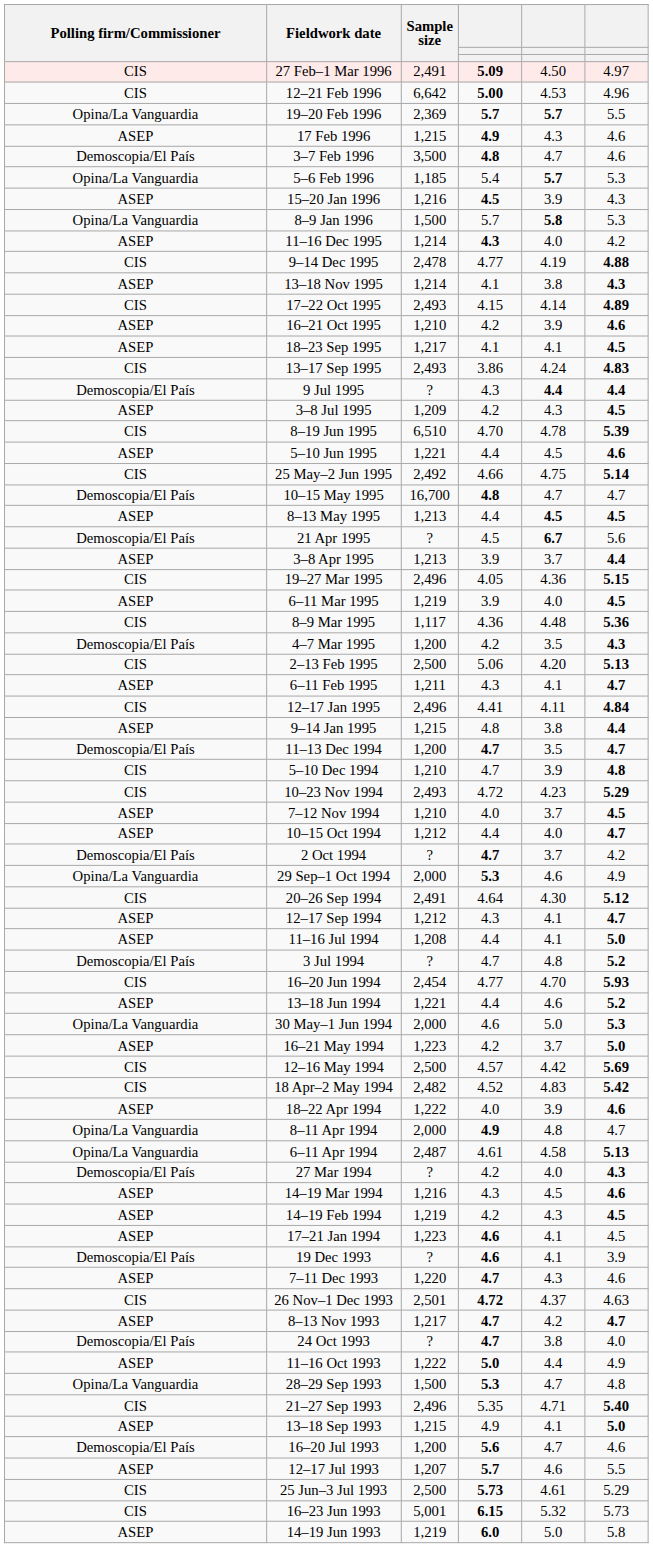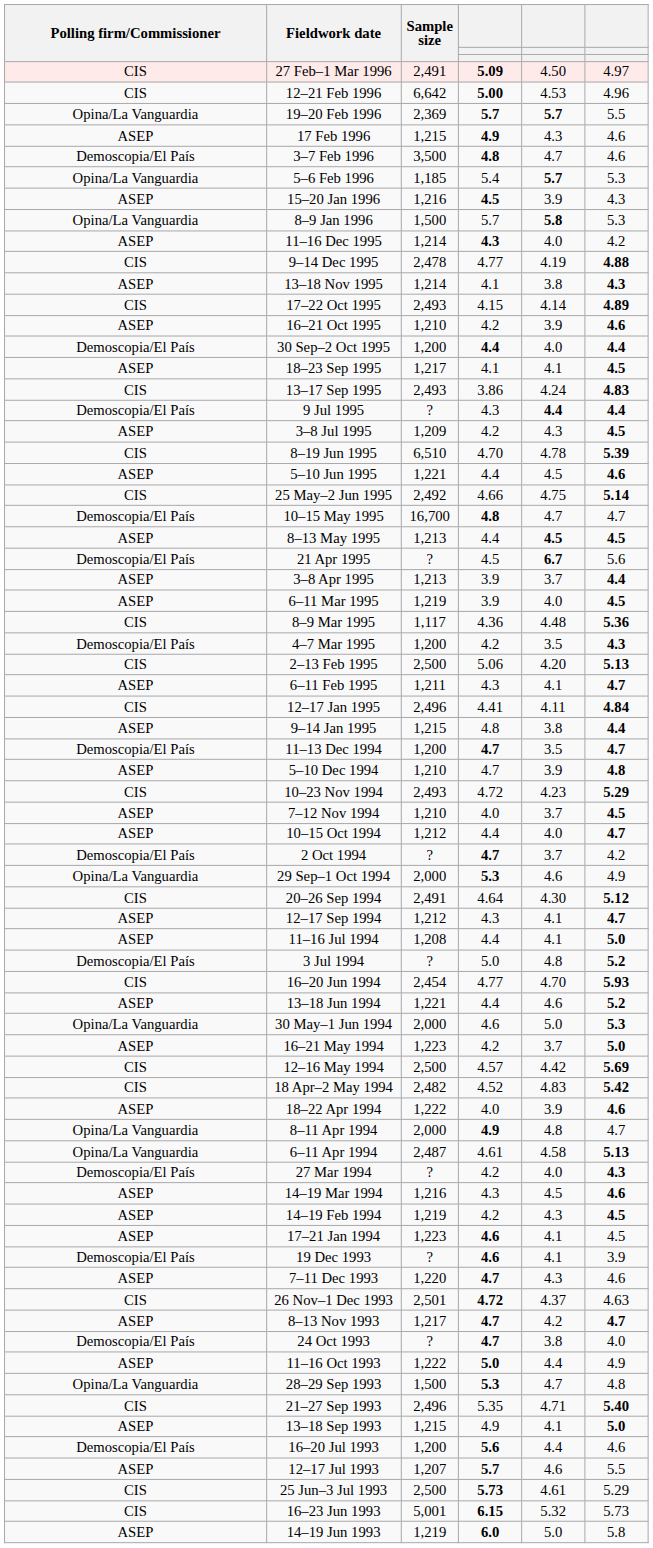 <table class="wikitable collapsible collapsed" style="text-align:center; font-size:90%; line-height:14px;">
 <tr style="height:42px;">
 <th style="width:250px;" rowspan="3">Polling firm/Commissioner</th>
 <th style="width:125px;" rowspan="3">Fieldwork date</th>
 <th style="width:50px;" rowspan="3">Sample size</th>
 <th style="width:55px;"></th>
 <th style="width:55px;"></th>
 <th style="width:55px;"></th>
 </tr>
 <tr>
 <th style="color:inherit;background:"></th>
 <th style="color:inherit;background:"></th>
 <th style="color:inherit;background:"></th>
 </tr>
 <tr>
 <th></th>
 <th></th>
 <th></th>
 </tr>
 <tr style="background:#FFEAEA;">
 <td>CIS</td>
 <td>27 Feb–1 Mar 1996</td>
 <td>2,491</td>
 <td><strong>5.09</strong></td>
 <td>4.50</td>
 <td>4.97</td>
 </tr>
 <tr>
 <td>CIS</td>
 <td>12–21 Feb 1996</td>
 <td>6,642</td>
 <td><strong>5.00</strong></td>
 <td>4.53</td>
 <td>4.96</td>
 </tr>
 <tr>
 <td>Opina/La Vanguardia</td>
 <td>19–20 Feb 1996</td>
 <td>2,369</td>
 <td><strong>5.7</strong></td>
 <td><strong>5.7</strong></td>
 <td>5.5</td>
 </tr>
 <tr>
 <td>ASEP</td>
 <td>17 Feb 1996</td>
 <td>1,215</td>
 <td><strong>4.9</strong></td>
 <td>4.3</td>
 <td>4.6</td>
 </tr>
 <tr>
 <td>Demoscopia/El País</td>
 <td>3–7 Feb 1996</td>
 <td>3,500</td>
 <td><strong>4.8</strong></td>
 <td>4.7</td>
 <td>4.6</td>
 </tr>
 <tr>
 <td>Opina/La Vanguardia</td>
 <td>5–6 Feb 1996</td>
 <td>1,185</td>
 <td>5.4</td>
 <td><strong>5.7</strong></td>
 <td>5.3</td>
 </tr>
 <tr>
 <td>ASEP</td>
 <td>15–20 Jan 1996</td>
 <td>1,216</td>
 <td><strong>4.5</strong></td>
 <td>3.9</td>
 <td>4.3</td>
 </tr>
 <tr>
 <td>Opina/La Vanguardia</td>
 <td>8–9 Jan 1996</td>
 <td>1,500</td>
 <td>5.7</td>
 <td><strong>5.8</strong></td>
 <td>5.3</td>
 </tr>
 <tr>
 <td>ASEP</td>
 <td>11–16 Dec 1995</td>
 <td>1,214</td>
 <td><strong>4.3</strong></td>
 <td>4.0</td>
 <td>4.2</td>
 </tr>
 <tr>
 <td>CIS</td>
 <td>9–14 Dec 1995</td>
 <td>2,478</td>
 <td>4.77</td>
 <td>4.19</td>
 <td><strong>4.88</strong></td>
 </tr>
 <tr>
 <td>ASEP</td>
 <td>13–18 Nov 1995</td>
 <td>1,214</td>
 <td>4.1</td>
 <td>3.8</td>
 <td><strong>4.3</strong></td>
 </tr>
 <tr>
 <td>CIS</td>
 <td>17–22 Oct 1995</td>
 <td>2,493</td>
 <td>4.15</td>
 <td>4.14</td>
 <td><strong>4.89</strong></td>
 </tr>
 <tr>
 <td>ASEP</td>
 <td>16–21 Oct 1995</td>
 <td>1,210</td>
 <td>4.2</td>
 <td>3.9</td>
 <td><strong>4.6</strong></td>
 </tr>
 <tr>
+<td>Demoscopia/El País</td>
+<td>30 Sep–2 Oct 1995</td>
+<td>1,200</td>
+<td><strong>4.4</strong></td>
+<td>4.0</td>
+<td><strong>4.4</strong></td>
+</tr>
+<tr>
 <td>ASEP</td>
 <td>18–23 Sep 1995</td>
 <td>1,217</td>
 <td>4.1</td>
 <td>4.1</td>
 <td><strong>4.5</strong></td>
 </tr>
 <tr>
 <td>CIS</td>
 <td>13–17 Sep 1995</td>
 <td>2,493</td>
 <td>3.86</td>
 <td>4.24</td>
 <td><strong>4.83</strong></td>
 </tr>
 <tr>
 <td>Demoscopia/El País</td>
 <td>9 Jul 1995</td>
 <td>?</td>
 <td>4.3</td>
 <td><strong>4.4</strong></td>
 <td><strong>4.4</strong></td>
 </tr>
 <tr>
 <td>ASEP</td>
 <td>3–8 Jul 1995</td>
 <td>1,209</td>
 <td>4.2</td>
 <td>4.3</td>
 <td><strong>4.5</strong></td>
 </tr>
 <tr>
 <td>CIS</td>
 <td>8–19 Jun 1995</td>
 <td>6,510</td>
 <td>4.70</td>
 <td>4.78</td>
 <td><strong>5.39</strong></td>
 </tr>
 <tr>
 <td>ASEP</td>
 <td>5–10 Jun 1995</td>
 <td>1,221</td>
 <td>4.4</td>
 <td>4.5</td>
 <td><strong>4.6</strong></td>
 </tr>
 <tr>
 <td>CIS</td>
 <td>25 May–2 Jun 1995</td>
 <td>2,492</td>
 <td>4.66</td>
 <td>4.75</td>
 <td><strong>5.14</strong></td>
 </tr>
 <tr>
 <td>Demoscopia/El País</td>
 <td>10–15 May 1995</td>
 <td>16,700</td>
 <td><strong>4.8</strong></td>
 <td>4.7</td>
 <td>4.7</td>
 </tr>
 <tr>
 <td>ASEP</td>
 <td>8–13 May 1995</td>
 <td>1,213</td>
 <td>4.4</td>
 <td><strong>4.5</strong></td>
 <td><strong>4.5</strong></td>
 </tr>
 <tr>
 <td>Demoscopia/El País</td>
 <td>21 Apr 1995</td>
 <td>?</td>
 <td>4.5</td>
 <td><strong>6.7</strong></td>
 <td>5.6</td>
 </tr>
 <tr>
 <td>ASEP</td>
 <td>3–8 Apr 1995</td>
 <td>1,213</td>
 <td>3.9</td>
 <td>3.7</td>
 <td><strong>4.4</strong></td>
 </tr>
 <tr>
-<td>CIS</td>
-<td>19–27 Mar 1995</td>
-<td>2,496</td>
-<td>4.05</td>
-<td>4.36</td>
-<td><strong>5.15</strong></td>
-</tr>
-<tr>
 <td>ASEP</td>
 <td>6–11 Mar 1995</td>
 <td>1,219</td>
 <td>3.9</td>
 <td>4.0</td>
 <td><strong>4.5</strong></td>
 </tr>
 <tr>
 <td>CIS</td>
 <td>8–9 Mar 1995</td>
 <td>1,117</td>
 <td>4.36</td>
 <td>4.48</td>
 <td><strong>5.36</strong></td>
 </tr>
 <tr>
 <td>Demoscopia/El País</td>
 <td>4–7 Mar 1995</td>
 <td>1,200</td>
 <td>4.2</td>
 <td>3.5</td>
 <td><strong>4.3</strong></td>
 </tr>
 <tr>
 <td>CIS</td>
 <td>2–13 Feb 1995</td>
 <td>2,500</td>
 <td>5.06</td>
 <td>4.20</td>
 <td><strong>5.13</strong></td>
 </tr>
 <tr>
 <td>ASEP</td>
 <td>6–11 Feb 1995</td>
 <td>1,211</td>
 <td>4.3</td>
 <td>4.1</td>
 <td><strong>4.7</strong></td>
 </tr>
 <tr>
 <td>CIS</td>
 <td>12–17 Jan 1995</td>
 <td>2,496</td>
 <td>4.41</td>
 <td>4.11</td>
 <td><strong>4.84</strong></td>
 </tr>
 <tr>
 <td>ASEP</td>
 <td>9–14 Jan 1995</td>
 <td>1,215</td>
 <td>4.8</td>
 <td>3.8</td>
 <td><strong>4.4</strong></td>
 </tr>
 <tr>
 <td>Demoscopia/El País</td>
 <td>11–13 Dec 1994</td>
 <td>1,200</td>
 <td><strong>4.7</strong></td>
 <td>3.5</td>
 <td><strong>4.7</strong></td>
 </tr>
 <tr>
-<td>CIS</td>
+<td>ASEP</td>
 <td>5–10 Dec 1994</td>
 <td>1,210</td>
 <td>4.7</td>
 <td>3.9</td>
 <td><strong>4.8</strong></td>
 </tr>
 <tr>
 <td>CIS</td>
 <td>10–23 Nov 1994</td>
 <td>2,493</td>
 <td>4.72</td>
 <td>4.23</td>
 <td><strong>5.29</strong></td>
 </tr>
 <tr>
 <td>ASEP</td>
 <td>7–12 Nov 1994</td>
 <td>1,210</td>
 <td>4.0</td>
 <td>3.7</td>
 <td><strong>4.5</strong></td>
 </tr>
 <tr>
 <td>ASEP</td>
 <td>10–15 Oct 1994</td>
 <td>1,212</td>
 <td>4.4</td>
 <td>4.0</td>
 <td><strong>4.7</strong></td>
 </tr>
 <tr>
 <td>Demoscopia/El País</td>
 <td>2 Oct 1994</td>
 <td>?</td>
 <td><strong>4.7</strong></td>
 <td>3.7</td>
 <td>4.2</td>
 </tr>
 <tr>
 <td>Opina/La Vanguardia</td>
 <td>29 Sep–1 Oct 1994</td>
 <td>2,000</td>
 <td><strong>5.3</strong></td>
 <td>4.6</td>
 <td>4.9</td>
 </tr>
 <tr>
 <td>CIS</td>
 <td>20–26 Sep 1994</td>
 <td>2,491</td>
 <td>4.64</td>
 <td>4.30</td>
 <td><strong>5.12</strong></td>
 </tr>
 <tr>
 <td>ASEP</td>
 <td>12–17 Sep 1994</td>
 <td>1,212</td>
 <td>4.3</td>
 <td>4.1</td>
 <td><strong>4.7</strong></td>
 </tr>
 <tr>
 <td>ASEP</td>
 <td>11–16 Jul 1994</td>
 <td>1,208</td>
 <td>4.4</td>
 <td>4.1</td>
 <td><strong>5.0</strong></td>
 </tr>
 <tr>
 <td>Demoscopia/El País</td>
 <td>3 Jul 1994</td>
 <td>?</td>
-<td>4.7</td>
+<td>5.0</td>
 <td>4.8</td>
 <td><strong>5.2</strong></td>
 </tr>
 <tr>
 <td>CIS</td>
 <td>16–20 Jun 1994</td>
 <td>2,454</td>
 <td>4.77</td>
 <td>4.70</td>
 <td><strong>5.93</strong></td>
 </tr>
 <tr>
 <td>ASEP</td>
 <td>13–18 Jun 1994</td>
 <td>1,221</td>
 <td>4.4</td>
 <td>4.6</td>
 <td><strong>5.2</strong></td>
 </tr>
 <tr>
 <td>Opina/La Vanguardia</td>
 <td>30 May–1 Jun 1994</td>
 <td>2,000</td>
 <td>4.6</td>
 <td>5.0</td>
 <td><strong>5.3</strong></td>
 </tr>
 <tr>
 <td>ASEP</td>
 <td>16–21 May 1994</td>
 <td>1,223</td>
 <td>4.2</td>
 <td>3.7</td>
 <td><strong>5.0</strong></td>
 </tr>
 <tr>
 <td>CIS</td>
 <td>12–16 May 1994</td>
 <td>2,500</td>
 <td>4.57</td>
 <td>4.42</td>
 <td><strong>5.69</strong></td>
 </tr>
 <tr>
 <td>CIS</td>
 <td>18 Apr–2 May 1994</td>
 <td>2,482</td>
 <td>4.52</td>
 <td>4.83</td>
 <td><strong>5.42</strong></td>
 </tr>
 <tr>
 <td>ASEP</td>
 <td>18–22 Apr 1994</td>
 <td>1,222</td>
 <td>4.0</td>
 <td>3.9</td>
 <td><strong>4.6</strong></td>
 </tr>
 <tr>
 <td>Opina/La Vanguardia</td>
 <td>8–11 Apr 1994</td>
 <td>2,000</td>
 <td><strong>4.9</strong></td>
 <td>4.8</td>
 <td>4.7</td>
 </tr>
 <tr>
 <td>Opina/La Vanguardia</td>
 <td>6–11 Apr 1994</td>
 <td>2,487</td>
 <td>4.61</td>
 <td>4.58</td>
 <td><strong>5.13</strong></td>
 </tr>
 <tr>
 <td>Demoscopia/El País</td>
 <td>27 Mar 1994</td>
 <td>?</td>
 <td>4.2</td>
 <td>4.0</td>
 <td><strong>4.3</strong></td>
 </tr>
 <tr>
 <td>ASEP</td>
 <td>14–19 Mar 1994</td>
 <td>1,216</td>
 <td>4.3</td>
 <td>4.5</td>
 <td><strong>4.6</strong></td>
 </tr>
 <tr>
 <td>ASEP</td>
 <td>14–19 Feb 1994</td>
 <td>1,219</td>
 <td>4.2</td>
 <td>4.3</td>
 <td><strong>4.5</strong></td>
 </tr>
 <tr>
 <td>ASEP</td>
 <td>17–21 Jan 1994</td>
 <td>1,223</td>
 <td><strong>4.6</strong></td>
 <td>4.1</td>
 <td>4.5</td>
 </tr>
 <tr>
 <td>Demoscopia/El País</td>
 <td>19 Dec 1993</td>
 <td>?</td>
 <td><strong>4.6</strong></td>
 <td>4.1</td>
 <td>3.9</td>
 </tr>
 <tr>
 <td>ASEP</td>
 <td>7–11 Dec 1993</td>
 <td>1,220</td>
 <td><strong>4.7</strong></td>
 <td>4.3</td>
 <td>4.6</td>
 </tr>
 <tr>
 <td>CIS</td>
 <td>26 Nov–1 Dec 1993</td>
 <td>2,501</td>
 <td><strong>4.72</strong></td>
 <td>4.37</td>
 <td>4.63</td>
 </tr>
 <tr>
 <td>ASEP</td>
 <td>8–13 Nov 1993</td>
 <td>1,217</td>
 <td><strong>4.7</strong></td>
 <td>4.2</td>
 <td><strong>4.7</strong></td>
 </tr>
 <tr>
 <td>Demoscopia/El País</td>
 <td>24 Oct 1993</td>
 <td>?</td>
 <td><strong>4.7</strong></td>
 <td>3.8</td>
 <td>4.0</td>
 </tr>
 <tr>
 <td>ASEP</td>
 <td>11–16 Oct 1993</td>
 <td>1,222</td>
 <td><strong>5.0</strong></td>
 <td>4.4</td>
 <td>4.9</td>
 </tr>
 <tr>
 <td>Opina/La Vanguardia</td>
 <td>28–29 Sep 1993</td>
 <td>1,500</td>
 <td><strong>5.3</strong></td>
 <td>4.7</td>
 <td>4.8</td>
 </tr>
 <tr>
 <td>CIS</td>
 <td>21–27 Sep 1993</td>
 <td>2,496</td>
 <td>5.35</td>
 <td>4.71</td>
 <td><strong>5.40</strong></td>
 </tr>
 <tr>
 <td>ASEP</td>
 <td>13–18 Sep 1993</td>
 <td>1,215</td>
 <td>4.9</td>
 <td>4.1</td>
 <td><strong>5.0</strong></td>
 </tr>
 <tr>
 <td>Demoscopia/El País</td>
 <td>16–20 Jul 1993</td>
 <td>1,200</td>
 <td><strong>5.6</strong></td>
-<td>4.7</td>
+<td>4.4</td>
 <td>4.6</td>
 </tr>
 <tr>
 <td>ASEP</td>
 <td>12–17 Jul 1993</td>
 <td>1,207</td>
 <td><strong>5.7</strong></td>
 <td>4.6</td>
 <td>5.5</td>
 </tr>
 <tr>
 <td>CIS</td>
 <td>25 Jun–3 Jul 1993</td>
 <td>2,500</td>
 <td><strong>5.73</strong></td>
 <td>4.61</td>
 <td>5.29</td>
 </tr>
 <tr>
 <td>CIS</td>
 <td>16–23 Jun 1993</td>
 <td>5,001</td>
 <td><strong>6.15</strong></td>
 <td>5.32</td>
 <td>5.73</td>
 </tr>
 <tr>
 <td>ASEP</td>
 <td>14–19 Jun 1993</td>
 <td>1,219</td>
 <td><strong>6.0</strong></td>
 <td>5.0</td>
 <td>5.8</td>
 </tr>
 </table>
